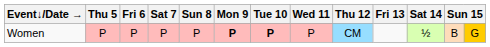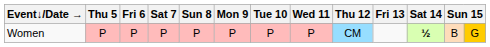 <table class="wikitable" style="margin:0.5em auto; font-size:90%; line-height:1.25em;">
 <tr style="text-align:center;">
 <th>Event↓/Date →</th>
 <th>Thu 5</th>
 <th>Fri 6</th>
 <th>Sat 7</th>
 <th>Sun 8</th>
 <th>Mon 9</th>
 <th>Tue 10</th>
 <th>Wed 11</th>
 <th>Thu 12</th>
 <th>Fri 13</th>
 <th>Sat 14</th>
 <th colspan=2>Sun 15</th>
 </tr>
 <tr style="text-align:center;">
 <td style="text-align:left;">Women</td>
 <td style="background-color:#FFBBBB;">P</td>
 <td style="background-color:#FFBBBB;">P</td>
 <td style="background-color:#FFBBBB;">P</td>
 <td style="background-color:#FFBBBB;">P</td>
-<td style="background-color:#FFBBBB;"><strong>P</strong></td>
-<td style="background-color:#FFBBBB;"><strong>P</strong></td>
+<td style="background-color:#FFBBBB;">P</td>
+<td style="background-color:#FFBBBB;">P</td>
 <td style="background-color:#FFBBBB;">P</td>
 <td style="background-color:#97DEFF;">CM</td>
 <td></td>
-<td style="background-color:#D9FFB2;">½</td>
+<td style="background-color:#D9FFB2;"><strong>½</strong></td>
 <td style="background-color:#FEDCBA;">B</td>
 <td style="background-color:#fc0;">G</td>
 </tr>
 </table>
